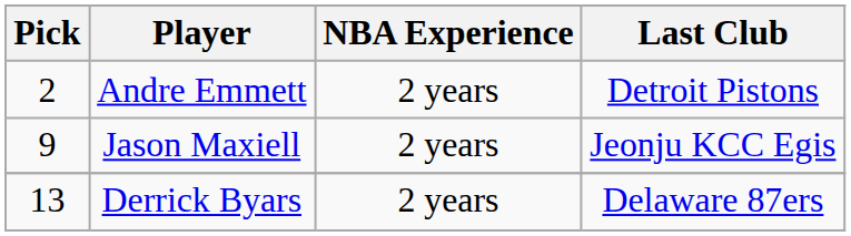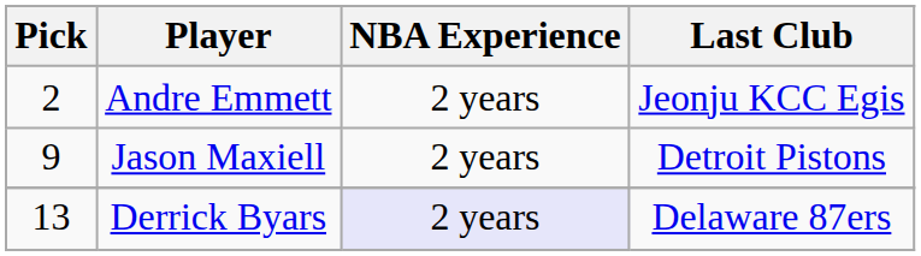 <table class="wikitable sortable sortable">
 <tr>
 </tr>
 <tr style="text-align: center">
 <th>Pick</th>
 <th>Player</th>
 <th>NBA Experience</th>
 <th>Last Club</th>
 </tr>
 <tr style="text-align: center">
 <td>2</td>
 <td><a href='#'>Andre Emmett</a></td>
 <td>2 years</td>
-<td> <a href='#'>Detroit Pistons</a></td>
+<td> <a href='#'>Jeonju KCC Egis</a></td>
 </tr>
 <tr style="text-align: center">
 <td>9</td>
 <td><a href='#'>Jason Maxiell</a></td>
 <td>2 years</td>
-<td> <a href='#'>Jeonju KCC Egis</a></td>
+<td> <a href='#'>Detroit Pistons</a></td>
 </tr>
 <tr>
 </tr>
 <tr style="text-align: center">
 <td>13</td>
 <td><a href='#'>Derrick Byars</a></td>
-<td>2 years</td>
+<td style="background: lavender;">2 years</td>
 <td> <a href='#'>Delaware 87ers</a></td>
 </tr>
 </table>
